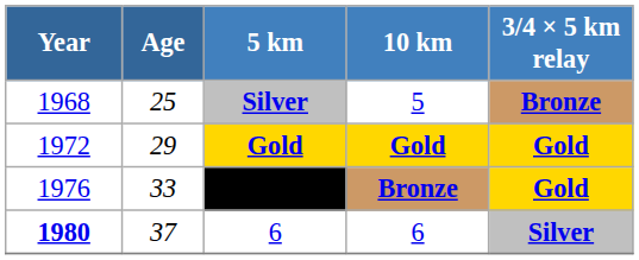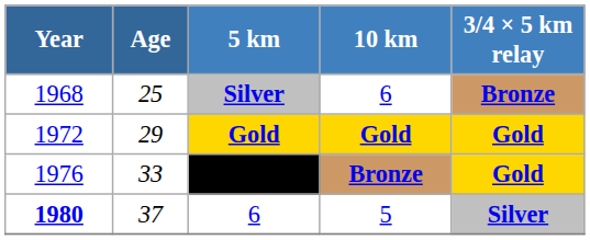 <table class="wikitable" style="font-size:95%; text-align:center; border:grey solid 1px; border-collapse:collapse; background:#ffffff;">
 <tr>
 <th style="background-color:#369; color:white; width:60px;"> Year </th>
 <th style="background-color:#369; color:white; width:40px;"> Age </th>
 <th style="background-color:#4180be; color:white; width:75px;"> 5 km </th>
 <th style="background-color:#4180be; color:white; width:75px;"> 10 km </th>
 <th style="background-color:#4180be; color:white; width:75px;"> 3/4 × 5 km <br> relay </th>
 </tr>
 <tr>
 <td><a href='#'>1968</a></td>
 <td><em>25</em></td>
 <td style="background:silver;"><a href='#'><strong>Silver</strong></a></td>
-<td><a href='#'>5</a></td>
+<td><a href='#'>6</a></td>
 <td bgcolor="cc9966"><a href='#'><strong>Bronze</strong></a></td>
 </tr>
 <tr>
 <td><a href='#'>1972</a></td>
 <td><em>29</em></td>
 <td style="background:gold;"><a href='#'><strong>Gold</strong></a></td>
 <td style="background:gold;"><a href='#'><strong>Gold</strong></a></td>
 <td style="background:gold;"><a href='#'><strong>Gold</strong></a></td>
 </tr>
 <tr>
 <td><a href='#'>1976</a></td>
 <td><em>33</em></td>
 <td style="background:#000; color:#fff;"><a href='#'><span></span></a></td>
 <td bgcolor="cc9966"><a href='#'><strong>Bronze</strong></a></td>
 <td style="background:gold;"><a href='#'><strong>Gold</strong></a></td>
 </tr>
 <tr>
 <td><strong><a href='#'>1980</a></strong></td>
 <td><em>37</em></td>
 <td><a href='#'>6</a></td>
-<td><a href='#'>6</a></td>
+<td><a href='#'>5</a></td>
 <td style="background:silver;"><a href='#'><strong>Silver</strong></a></td>
 </tr>
 <tr>
 </tr>
 </table>
